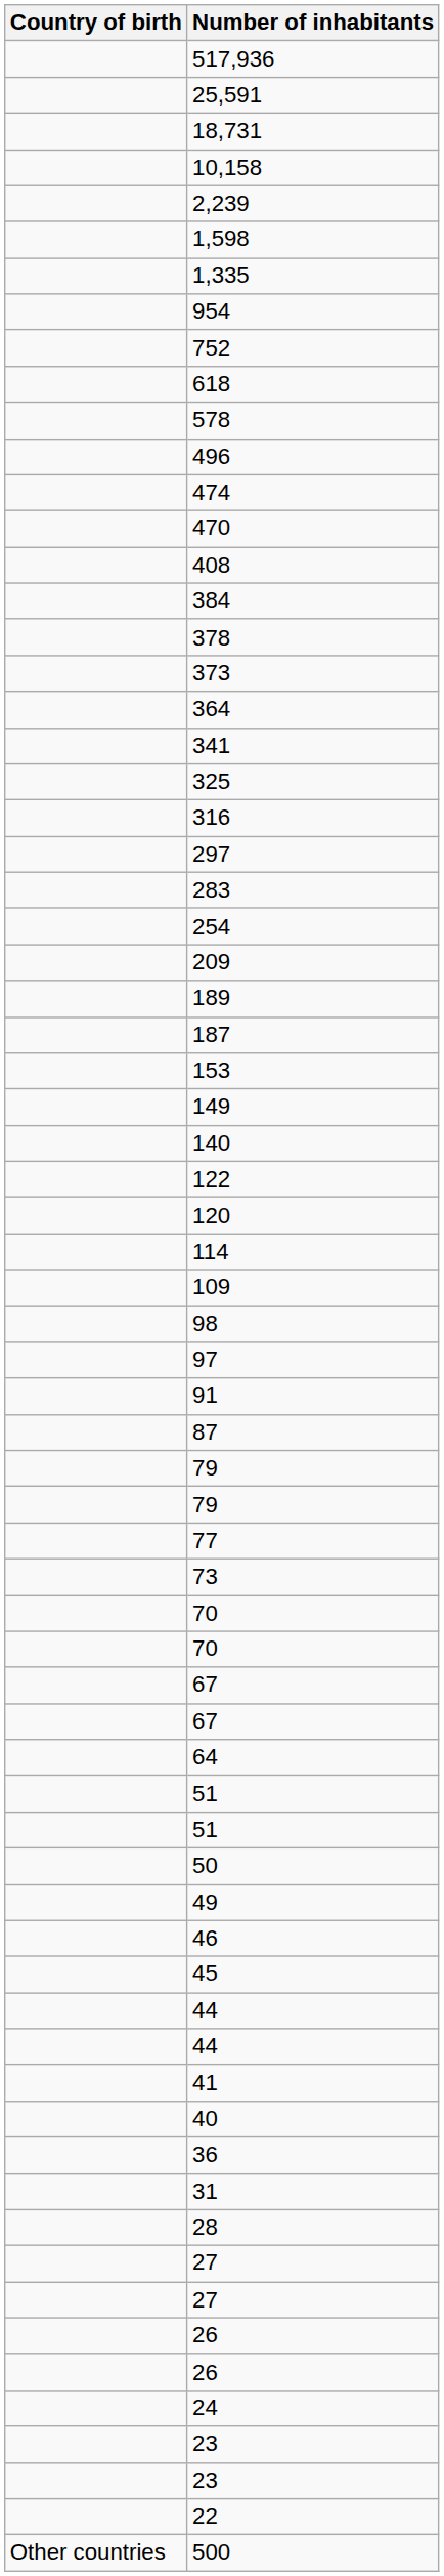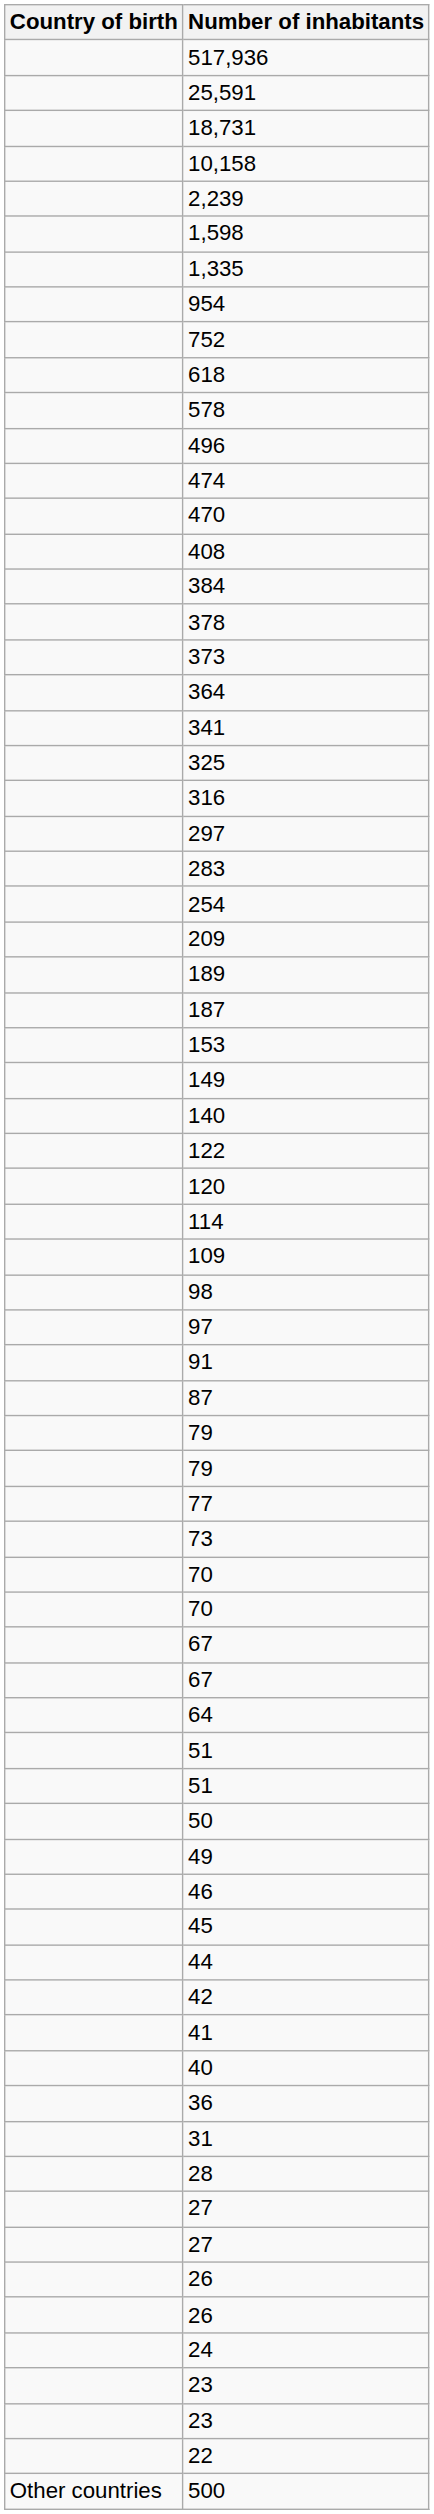 <table class="wikitable">
 <tr>
 <th>Country of birth</th>
 <th>Number of inhabitants</th>
 </tr>
 <tr>
 <td></td>
 <td>517,936</td>
 </tr>
 <tr>
 <td></td>
 <td>25,591</td>
 </tr>
 <tr>
 <td></td>
 <td>18,731</td>
 </tr>
 <tr>
 <td></td>
 <td>10,158</td>
 </tr>
 <tr>
 <td></td>
 <td>2,239</td>
 </tr>
 <tr>
 <td></td>
 <td>1,598</td>
 </tr>
 <tr>
 <td></td>
 <td>1,335</td>
 </tr>
 <tr>
 <td></td>
 <td>954</td>
 </tr>
 <tr>
 <td></td>
 <td>752</td>
 </tr>
 <tr>
 <td></td>
 <td>618</td>
 </tr>
 <tr>
 <td></td>
 <td>578</td>
 </tr>
 <tr>
 <td></td>
 <td>496</td>
 </tr>
 <tr>
 <td></td>
 <td>474</td>
 </tr>
 <tr>
 <td></td>
 <td>470</td>
 </tr>
 <tr>
 <td></td>
 <td>408</td>
 </tr>
 <tr>
 <td></td>
 <td>384</td>
 </tr>
 <tr>
 <td></td>
 <td>378</td>
 </tr>
 <tr>
 <td></td>
 <td>373</td>
 </tr>
 <tr>
 <td></td>
 <td>364</td>
 </tr>
 <tr>
 <td> </td>
 <td>341</td>
 </tr>
 <tr>
 <td></td>
 <td>325</td>
 </tr>
 <tr>
 <td></td>
 <td>316</td>
 </tr>
 <tr>
 <td></td>
 <td>297</td>
 </tr>
 <tr>
 <td></td>
 <td>283</td>
 </tr>
 <tr>
 <td></td>
 <td>254</td>
 </tr>
 <tr>
 <td></td>
 <td>209</td>
 </tr>
 <tr>
 <td></td>
 <td>189</td>
 </tr>
 <tr>
 <td></td>
 <td>187</td>
 </tr>
 <tr>
 <td></td>
 <td>153</td>
 </tr>
 <tr>
 <td></td>
 <td>149</td>
 </tr>
 <tr>
 <td></td>
 <td>140</td>
 </tr>
 <tr>
 <td></td>
 <td>122</td>
 </tr>
 <tr>
 <td></td>
 <td>120</td>
 </tr>
 <tr>
 <td></td>
 <td>114</td>
 </tr>
 <tr>
 <td></td>
 <td>109</td>
 </tr>
 <tr>
 <td></td>
 <td>98</td>
 </tr>
 <tr>
 <td></td>
 <td>97</td>
 </tr>
 <tr>
 <td></td>
 <td>91</td>
 </tr>
 <tr>
 <td></td>
 <td>87</td>
 </tr>
 <tr>
 <td></td>
 <td>79</td>
 </tr>
 <tr>
 <td></td>
 <td>79</td>
 </tr>
 <tr>
 <td></td>
 <td>77</td>
 </tr>
 <tr>
 <td></td>
 <td>73</td>
 </tr>
 <tr>
 <td></td>
 <td>70</td>
 </tr>
 <tr>
 <td></td>
 <td>70</td>
 </tr>
 <tr>
 <td></td>
 <td>67</td>
 </tr>
 <tr>
 <td></td>
 <td>67</td>
 </tr>
 <tr>
 <td></td>
 <td>64</td>
 </tr>
 <tr>
 <td></td>
 <td>51</td>
 </tr>
 <tr>
 <td></td>
 <td>51</td>
 </tr>
 <tr>
 <td></td>
 <td>50</td>
 </tr>
 <tr>
 <td></td>
 <td>49</td>
 </tr>
 <tr>
 <td></td>
 <td>46</td>
 </tr>
 <tr>
 <td></td>
 <td>45</td>
 </tr>
 <tr>
 <td></td>
 <td>44</td>
 </tr>
 <tr>
 <td></td>
-<td>44</td>
+<td>42</td>
 </tr>
 <tr>
 <td></td>
 <td>41</td>
 </tr>
 <tr>
 <td></td>
 <td>40</td>
 </tr>
 <tr>
 <td></td>
 <td>36</td>
 </tr>
 <tr>
 <td></td>
 <td>31</td>
 </tr>
 <tr>
 <td></td>
 <td>28</td>
 </tr>
 <tr>
 <td></td>
 <td>27</td>
 </tr>
 <tr>
 <td></td>
 <td>27</td>
 </tr>
 <tr>
 <td></td>
 <td>26</td>
 </tr>
 <tr>
 <td></td>
 <td>26</td>
 </tr>
 <tr>
 <td></td>
 <td>24</td>
 </tr>
 <tr>
 <td></td>
 <td>23</td>
 </tr>
 <tr>
 <td></td>
 <td>23</td>
 </tr>
 <tr>
 <td></td>
 <td>22</td>
 </tr>
 <tr>
 <td>Other countries</td>
 <td>500</td>
 </tr>
 <tr>
 </tr>
 </table>
